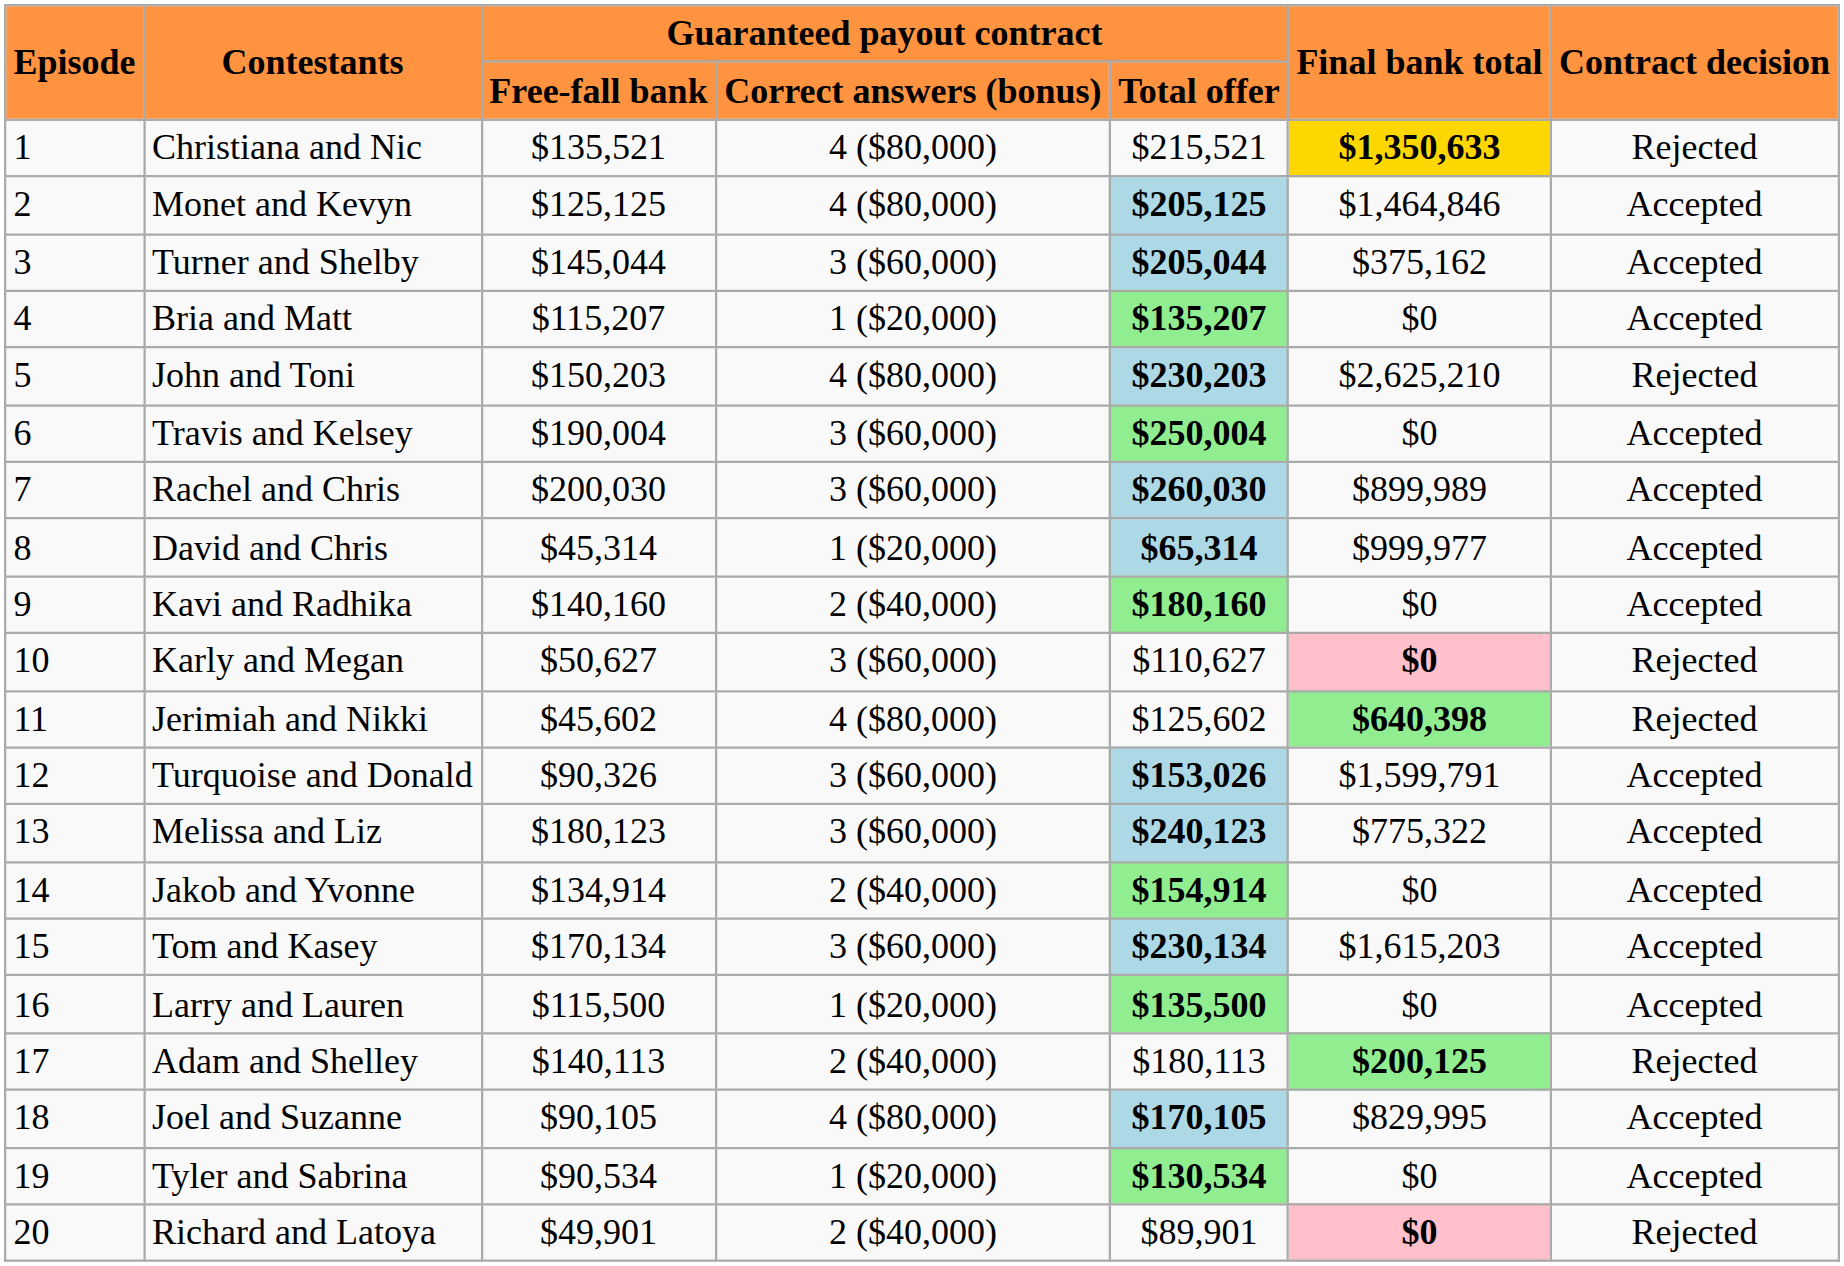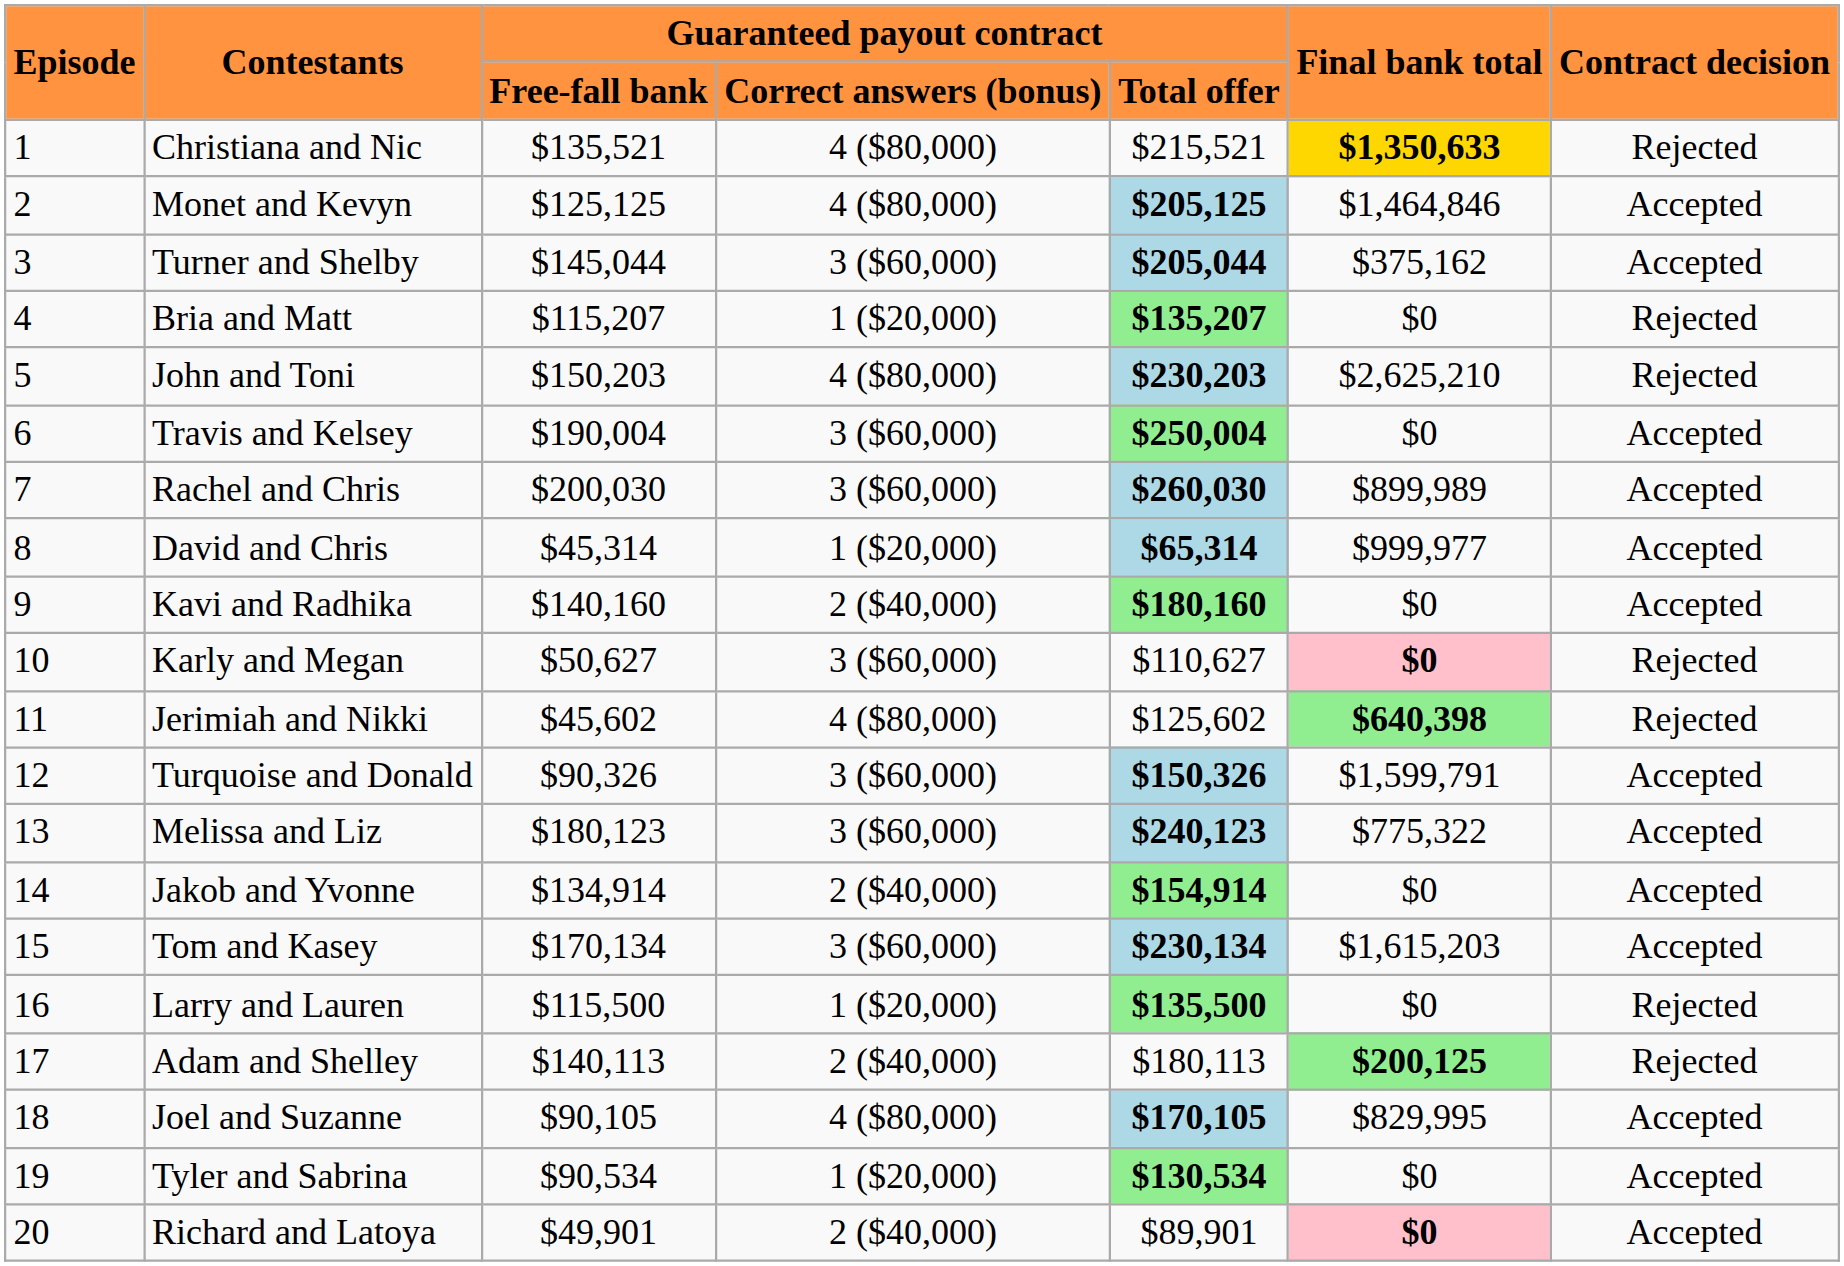 <table class="wikitable">
 <tr>
 <th rowspan="2" style="text-align:center; background-color:#FF9340;">Episode</th>
 <th rowspan="2" style="text-align:center; background-color:#FF9340;">Contestants</th>
 <th colspan="3" style="text-align:center; background-color:#FF9340;">Guaranteed payout contract</th>
 <th rowspan="2" style="text-align:center; background-color:#FF9340;">Final bank total</th>
 <th rowspan="2" style="text-align:center; background-color:#FF9340;">Contract decision</th>
 </tr>
 <tr>
 <th style="text-align:center; background-color:#FF9340;">Free-fall bank</th>
 <th style="text-align:center; background-color:#FF9340;">Correct answers (bonus)</th>
 <th style="text-align:center; background-color:#FF9340;">Total offer</th>
 </tr>
 <tr>
 <td>1</td>
 <td>Christiana and Nic</td>
 <td style="text-align:center">$135,521</td>
 <td style="text-align:center">4 ($80,000)</td>
 <td style="text-align:center">$215,521</td>
 <td style="text-align:center; background-color:gold;"><strong>$1,350,633</strong></td>
 <td style="text-align:center">Rejected</td>
 </tr>
 <tr>
 <td>2</td>
 <td>Monet and Kevyn</td>
 <td style="text-align:center">$125,125</td>
 <td style="text-align:center">4 ($80,000)</td>
 <td style="text-align:center; background-color:lightblue;"><strong>$205,125</strong></td>
 <td style="text-align:center;">$1,464,846</td>
 <td style="text-align:center">Accepted</td>
 </tr>
 <tr>
 <td>3</td>
 <td>Turner and Shelby</td>
 <td style="text-align:center">$145,044</td>
 <td style="text-align:center">3 ($60,000)</td>
 <td style="text-align:center; background-color:lightblue;"><strong>$205,044</strong></td>
 <td style="text-align:center;">$375,162</td>
 <td style="text-align:center">Accepted</td>
 </tr>
 <tr>
 <td>4</td>
 <td>Bria and Matt</td>
 <td style="text-align:center">$115,207</td>
 <td style="text-align:center">1 ($20,000)</td>
 <td style="text-align:center; background-color:lightgreen;"><strong>$135,207</strong></td>
 <td style="text-align:center;">$0</td>
-<td style="text-align:center">Accepted</td>
+<td style="text-align:center;">Rejected</td>
 </tr>
 <tr>
 <td>5</td>
 <td>John and Toni</td>
 <td style="text-align:center">$150,203</td>
 <td style="text-align:center">4 ($80,000)</td>
 <td style="text-align:center; background-color:lightblue;"><strong>$230,203</strong></td>
 <td style="text-align:center;">$2,625,210</td>
 <td style="text-align:center">Rejected</td>
 </tr>
 <tr>
 <td>6</td>
 <td>Travis and Kelsey</td>
 <td style="text-align:center">$190,004</td>
 <td style="text-align:center">3 ($60,000)</td>
 <td style="text-align:center; background-color:lightgreen;"><strong>$250,004</strong></td>
 <td style="text-align:center;">$0</td>
 <td style="text-align:center">Accepted</td>
 </tr>
 <tr>
 <td>7</td>
 <td>Rachel and Chris</td>
 <td style="text-align:center">$200,030</td>
 <td style="text-align:center">3 ($60,000)</td>
 <td style="text-align:center; background-color:lightblue;"><strong>$260,030</strong></td>
 <td style="text-align:center;">$899,989</td>
 <td style="text-align:center">Accepted</td>
 </tr>
 <tr>
 <td>8</td>
 <td>David and Chris</td>
 <td style="text-align:center">$45,314</td>
 <td style="text-align:center">1 ($20,000)</td>
 <td style="text-align:center; background-color:lightblue;"><strong>$65,314</strong></td>
 <td style="text-align:center;">$999,977</td>
 <td style="text-align:center">Accepted</td>
 </tr>
 <tr>
 <td>9</td>
 <td>Kavi and Radhika</td>
 <td style="text-align:center">$140,160</td>
 <td style="text-align:center">2 ($40,000)</td>
 <td style="text-align:center; background-color:lightgreen;"><strong>$180,160</strong></td>
 <td style="text-align:center;">$0</td>
 <td style="text-align:center">Accepted</td>
 </tr>
 <tr>
 <td>10</td>
 <td>Karly and Megan</td>
 <td style="text-align:center;">$50,627</td>
 <td style="text-align:center">3 ($60,000)</td>
 <td style="text-align:center;">$110,627</td>
 <td style="text-align:center; background-color:pink;"><strong>$0</strong></td>
 <td style="text-align:center">Rejected</td>
 </tr>
 <tr>
 <td>11</td>
 <td>Jerimiah and Nikki</td>
 <td style="text-align:center;">$45,602</td>
 <td style="text-align:center">4 ($80,000)</td>
 <td style="text-align:center;">$125,602</td>
 <td style="text-align:center; background-color:lightgreen;"><strong>$640,398</strong></td>
 <td style="text-align:center">Rejected</td>
 </tr>
 <tr>
 <td>12</td>
 <td>Turquoise and Donald</td>
 <td style="text-align:center;">$90,326</td>
 <td style="text-align:center;">3 ($60,000)</td>
-<td style="text-align:center; background-color:lightblue;"><strong>$153,026</strong></td>
+<td style="text-align:center; background-color:lightblue;"><strong>$150,326</strong></td>
 <td style="text-align:center;">$1,599,791</td>
 <td style="text-align:center;">Accepted</td>
 </tr>
 <tr>
 <td>13</td>
 <td>Melissa and Liz</td>
 <td style="text-align:center;">$180,123</td>
 <td style="text-align:center;">3 ($60,000)</td>
 <td style="text-align:center; background-color:lightblue;"><strong>$240,123</strong></td>
 <td style="text-align:center;">$775,322</td>
 <td style="text-align:center;">Accepted</td>
 </tr>
 <tr>
 <td>14</td>
 <td>Jakob and Yvonne</td>
 <td style="text-align:center;">$134,914</td>
 <td style="text-align:center;">2 ($40,000)</td>
 <td style="text-align:center; background-color:lightgreen;"><strong>$154,914</strong></td>
 <td style="text-align:center;">$0</td>
 <td style="text-align:center;">Accepted</td>
 </tr>
 <tr>
 <td>15</td>
 <td>Tom and Kasey</td>
 <td style="text-align:center;">$170,134</td>
 <td style="text-align:center;">3 ($60,000)</td>
 <td style="text-align:center; background-color:lightblue;"><strong>$230,134</strong></td>
 <td style="text-align:center;">$1,615,203</td>
 <td style="text-align:center;">Accepted</td>
 </tr>
 <tr>
 <td>16</td>
 <td>Larry and Lauren</td>
 <td style="text-align:center;">$115,500</td>
 <td style="text-align:center;">1 ($20,000)</td>
 <td style="text-align:center; background-color:lightgreen;"><strong>$135,500</strong></td>
 <td style="text-align:center;">$0</td>
-<td style="text-align:center;">Accepted</td>
+<td style="text-align:center">Rejected</td>
 </tr>
 <tr>
 <td>17</td>
 <td>Adam and Shelley</td>
 <td style="text-align:center;">$140,113</td>
 <td style="text-align:center;">2 ($40,000)</td>
 <td style="text-align:center;">$180,113</td>
 <td style="text-align:center; background-color:lightgreen;"><strong>$200,125</strong></td>
 <td style="text-align:center;">Rejected</td>
 </tr>
 <tr>
 <td>18</td>
 <td>Joel and Suzanne</td>
 <td style="text-align:center;">$90,105</td>
 <td style="text-align:center;">4 ($80,000)</td>
 <td style="text-align:center; background-color:lightblue;"><strong>$170,105</strong></td>
 <td style="text-align:center;">$829,995</td>
 <td style="text-align:center;">Accepted</td>
 </tr>
 <tr>
 <td>19</td>
 <td>Tyler and Sabrina</td>
 <td style="text-align:center;">$90,534</td>
 <td style="text-align:center;">1 ($20,000)</td>
 <td style="text-align:center; background-color:lightgreen;"><strong>$130,534</strong></td>
 <td style="text-align:center;">$0</td>
 <td style="text-align:center;">Accepted</td>
 </tr>
 <tr>
 <td>20</td>
 <td>Richard and Latoya</td>
 <td style="text-align:center;">$49,901</td>
 <td style="text-align:center;">2 ($40,000)</td>
 <td style="text-align:center;">$89,901</td>
 <td style="text-align:center; background-color:pink;"><strong>$0</strong></td>
-<td style="text-align:center;">Rejected</td>
+<td style="text-align:center">Accepted</td>
 </tr>
 </table>
